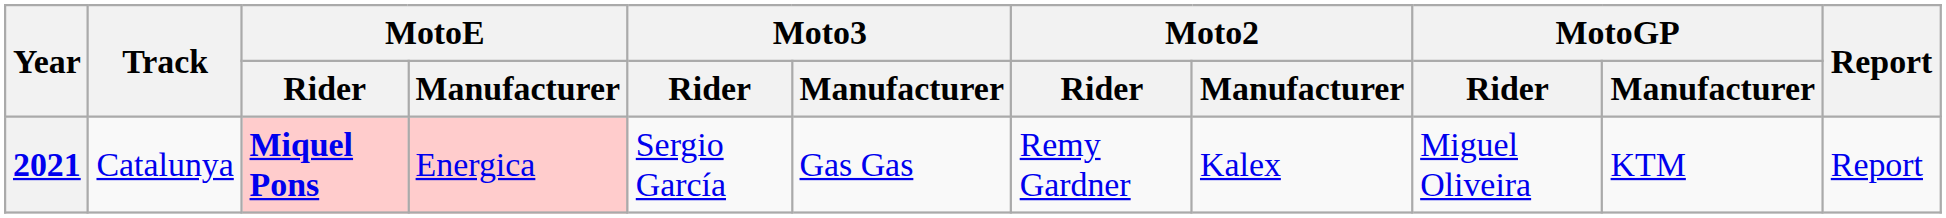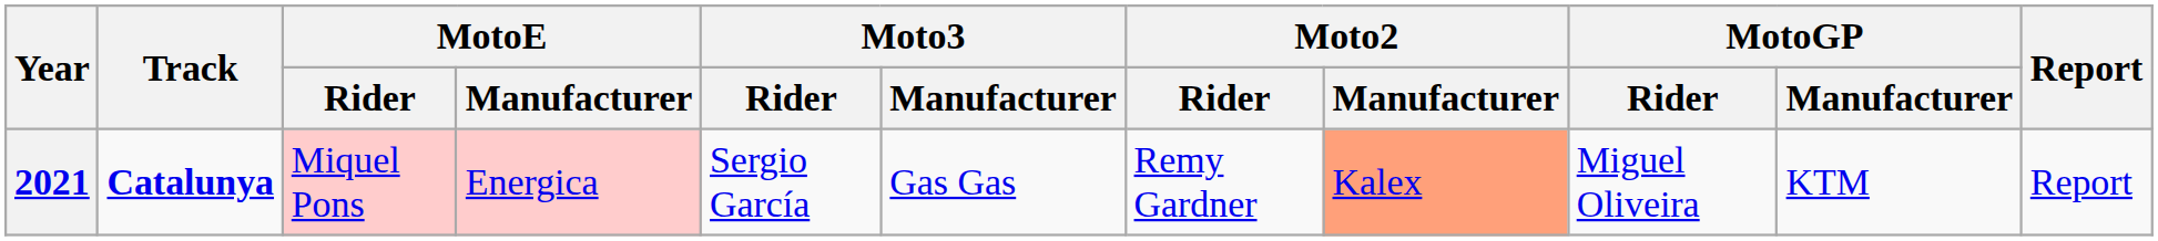 <table class="wikitable" style="font-size: 95%;">
 <tr>
 <th rowspan="2">Year</th>
 <th rowspan="2">Track</th>
 <th colspan="2">MotoE</th>
 <th colspan="2">Moto3</th>
 <th colspan="2">Moto2</th>
 <th colspan="2">MotoGP</th>
 <th rowspan="2">Report</th>
 </tr>
 <tr>
 <th>Rider</th>
 <th>Manufacturer</th>
 <th>Rider</th>
 <th>Manufacturer</th>
 <th>Rider</th>
 <th>Manufacturer</th>
 <th>Rider</th>
 <th>Manufacturer</th>
 </tr>
 <tr>
 <th><a href='#'>2021</a></th>
-<td><a href='#'>Catalunya</a></td>
-<td style="background:#FFCCCC;"><strong> <a href='#'>Miquel Pons</a></strong></td>
+<td><strong><a href='#'>Catalunya</a></strong></td>
+<td style="background:#FFCCCC;"> <a href='#'>Miquel Pons</a></td>
 <td style="background:#FFCCCC;"><a href='#'>Energica</a></td>
 <td> <a href='#'>Sergio García</a></td>
 <td><a href='#'>Gas Gas</a></td>
 <td> <a href='#'>Remy Gardner</a></td>
-<td><a href='#'>Kalex</a></td>
+<td style="background: lightsalmon;"><a href='#'>Kalex</a></td>
 <td> <a href='#'>Miguel Oliveira</a></td>
 <td><a href='#'>KTM</a></td>
 <td><a href='#'>Report</a></td>
 </tr>
 </table>
